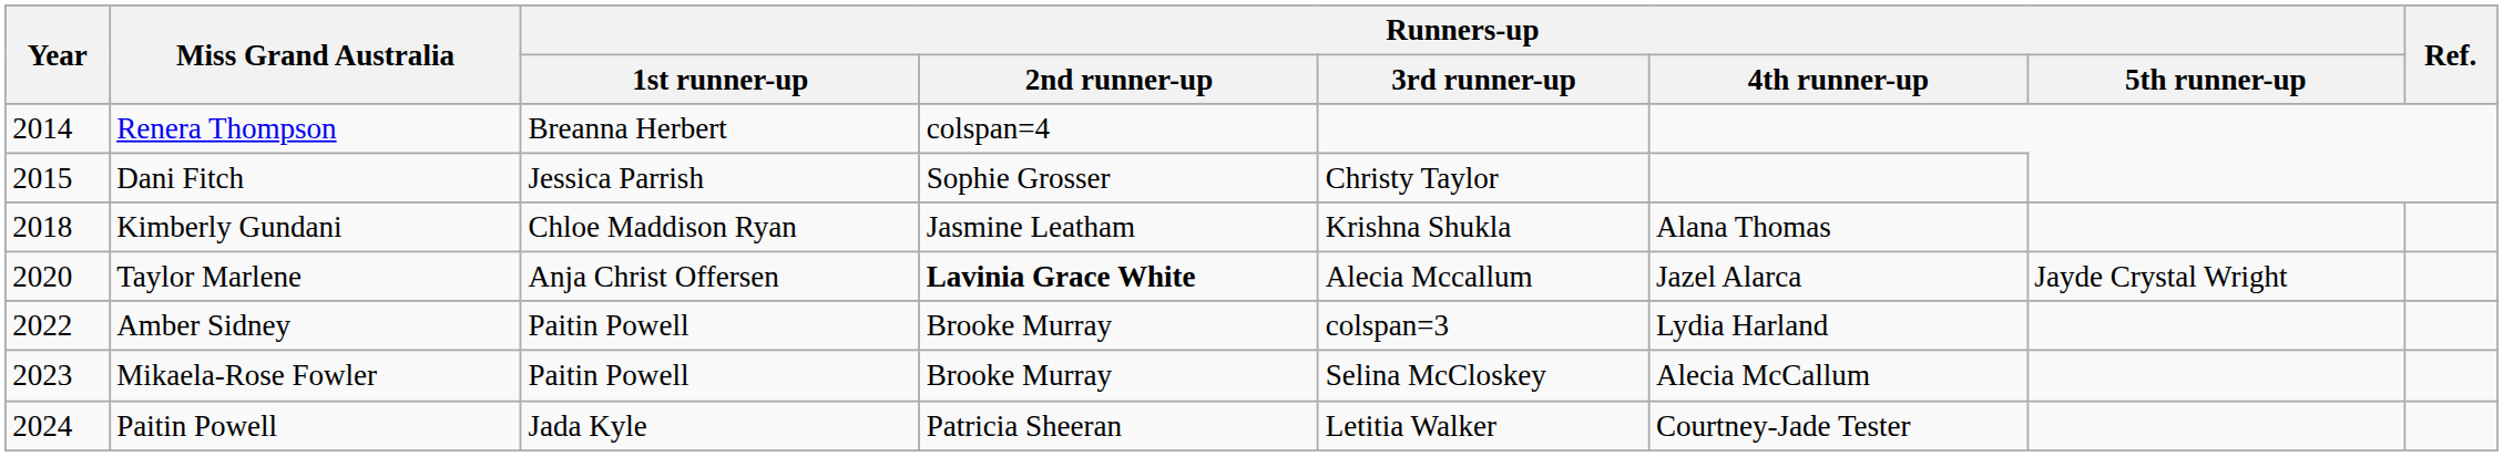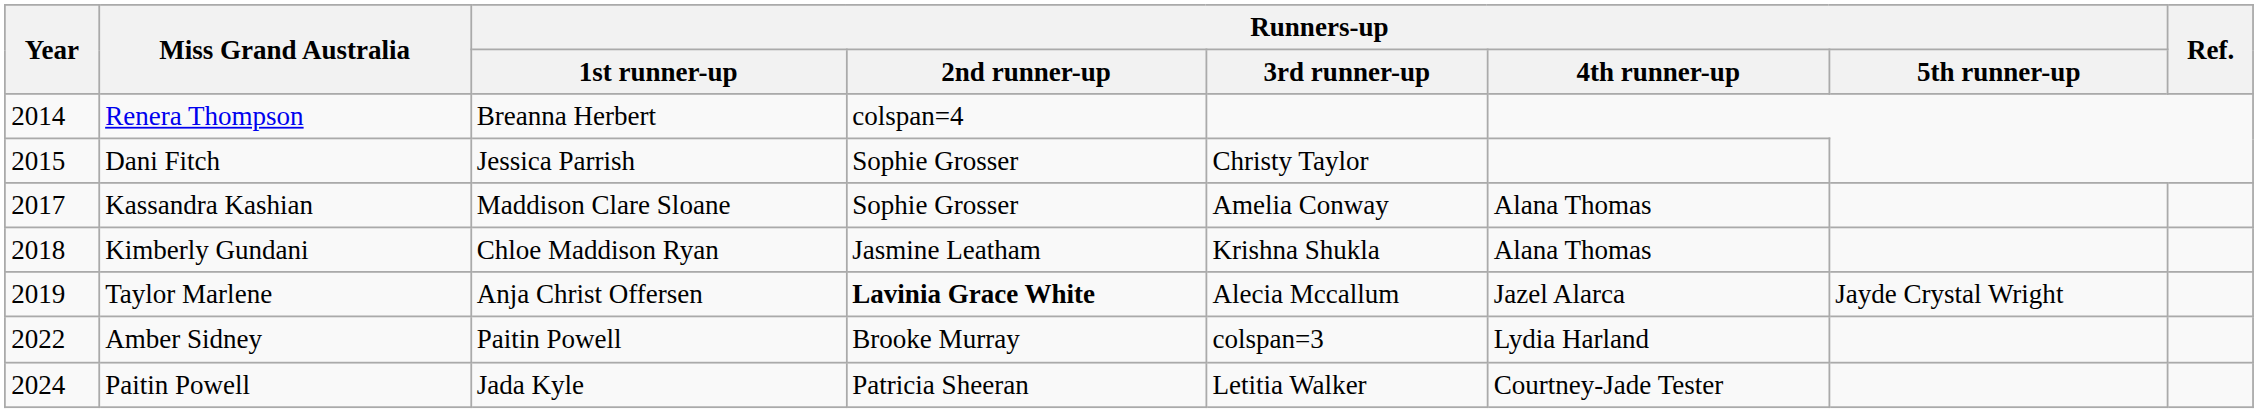 <table class="wikitable" style="font-size:95%; width:100%">
 <tr>
 <th rowspan=2>Year</th>
 <th rowspan=2>Miss Grand Australia</th>
 <th colspan=5>Runners-up</th>
 <th rowspan=2>Ref.</th>
 </tr>
 <tr>
 <th>1st runner-up</th>
 <th>2nd runner-up</th>
 <th>3rd runner-up</th>
 <th>4th runner-up</th>
 <th>5th runner-up</th>
 </tr>
 <tr>
 <td>2014</td>
 <td><a href='#'>Renera Thompson</a></td>
 <td>Breanna Herbert</td>
 <td>colspan=4 </td>
 <td align=center></td>
 </tr>
 <tr>
 <td>2015</td>
 <td>Dani Fitch</td>
 <td>Jessica Parrish</td>
 <td>Sophie Grosser</td>
 <td>Christy Taylor</td>
 <td align=center></td>
 </tr>
 <tr>
+<td>2017</td>
+<td>Kassandra Kashian</td>
+<td>Maddison Clare Sloane</td>
+<td>Sophie Grosser</td>
+<td>Amelia Conway</td>
+<td>Alana Thomas</td>
+<td></td>
+<td align=center></td>
+</tr>
+<tr>
 <td>2018</td>
 <td>Kimberly Gundani</td>
 <td>Chloe Maddison Ryan</td>
 <td>Jasmine Leatham</td>
 <td>Krishna Shukla</td>
 <td>Alana Thomas</td>
 <td></td>
 <td align=center></td>
 </tr>
 <tr>
-<td>2020</td>
+<td>2019</td>
 <td>Taylor Marlene</td>
 <td>Anja Christ Offersen</td>
 <td><strong>Lavinia Grace White</strong></td>
 <td>Alecia Mccallum</td>
 <td>Jazel Alarca</td>
 <td>Jayde Crystal Wright</td>
 <td align="center"></td>
 </tr>
 <tr>
 <td>2022</td>
 <td>Amber Sidney</td>
 <td>Paitin Powell</td>
 <td>Brooke Murray</td>
 <td>colspan=3 </td>
 <td>Lydia Harland</td>
 <td></td>
 <td align=center></td>
 </tr>
 <tr>
-<td>2023</td>
-<td>Mikaela-Rose Fowler</td>
-<td>Paitin Powell</td>
-<td>Brooke Murray</td>
-<td>Selina McCloskey</td>
-<td>Alecia McCallum</td>
-<td></td>
-<td align=center></td>
-</tr>
-<tr>
 <td>2024</td>
 <td>Paitin Powell</td>
 <td>Jada Kyle</td>
 <td>Patricia Sheeran</td>
 <td>Letitia Walker</td>
 <td>Courtney-Jade Tester</td>
 <td></td>
 <td></td>
 </tr>
 </table>
